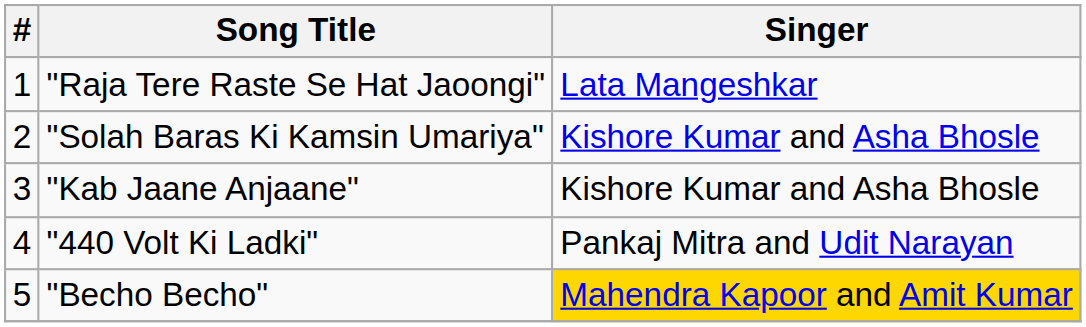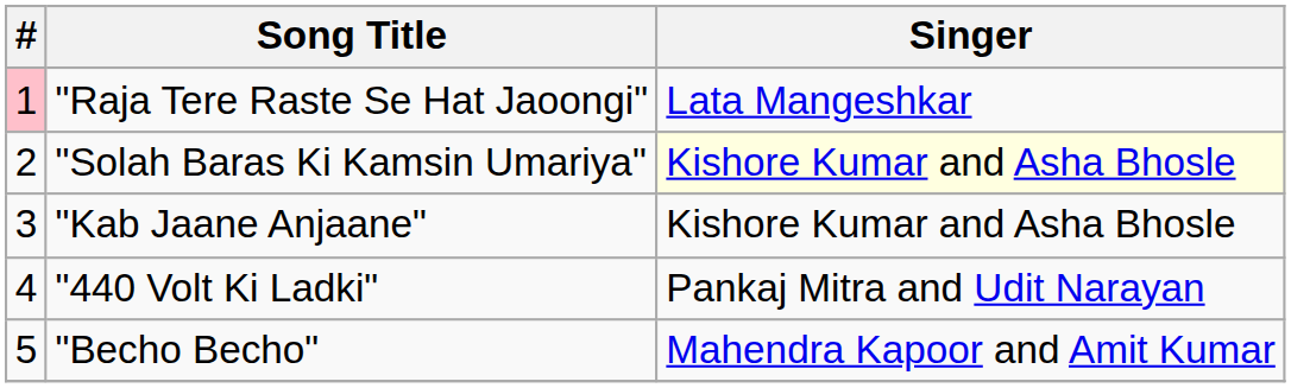 <table class="wikitable">
 <tr>
 <th>#</th>
 <th>Song Title</th>
 <th>Singer</th>
 </tr>
 <tr>
-<td>1</td>
+<td style="background: pink;">1</td>
 <td>"Raja Tere Raste Se Hat Jaoongi"</td>
 <td><a href='#'>Lata Mangeshkar</a></td>
 </tr>
 <tr>
 <td>2</td>
 <td>"Solah Baras Ki Kamsin Umariya"</td>
-<td><a href='#'>Kishore Kumar</a> and <a href='#'>Asha Bhosle</a></td>
+<td style="background: lightyellow;"><a href='#'>Kishore Kumar</a> and <a href='#'>Asha Bhosle</a></td>
 </tr>
 <tr>
 <td>3</td>
 <td>"Kab Jaane Anjaane"</td>
 <td>Kishore Kumar and Asha Bhosle</td>
 </tr>
 <tr>
 <td>4</td>
 <td>"440 Volt Ki Ladki"</td>
 <td>Pankaj Mitra and <a href='#'>Udit Narayan</a></td>
 </tr>
 <tr>
 <td>5</td>
 <td>"Becho Becho"</td>
-<td style="background: gold;"><a href='#'>Mahendra Kapoor</a> and <a href='#'>Amit Kumar</a></td>
+<td><a href='#'>Mahendra Kapoor</a> and <a href='#'>Amit Kumar</a></td>
 </tr>
 <tr>
 </tr>
 </table>
